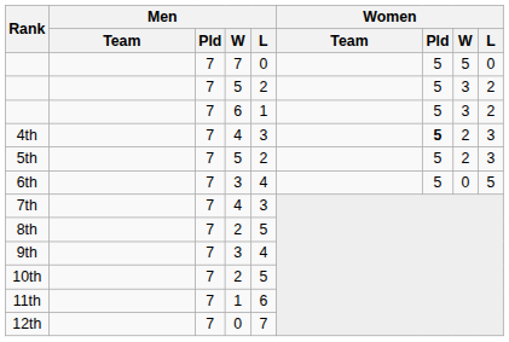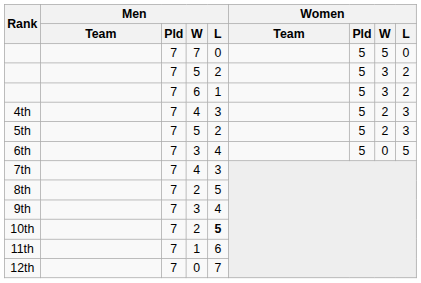 <table class=wikitable>
 <tr>
 <th rowspan=2>Rank</th>
 <th colspan=4>Men</th>
 <th colspan=4>Women</th>
 </tr>
 <tr>
 <th width=150px>Team</th>
 <th width=20px>Pld</th>
 <th width=20px>W</th>
 <th width=20px>L</th>
 <th width=150px>Team</th>
 <th width=20px>Pld</th>
 <th width=20px>W</th>
 <th width=20px>L</th>
 </tr>
 <tr align=center>
 <td></td>
 <td align=left></td>
 <td>7</td>
 <td>7</td>
 <td>0</td>
 <td align=left></td>
 <td>5</td>
 <td>5</td>
 <td>0</td>
 </tr>
 <tr align=center>
 <td></td>
 <td align=left></td>
 <td>7</td>
 <td>5</td>
 <td>2</td>
 <td align=left></td>
 <td>5</td>
 <td>3</td>
 <td>2</td>
 </tr>
 <tr align=center>
 <td></td>
 <td align=left></td>
 <td>7</td>
 <td>6</td>
 <td>1</td>
 <td align=left></td>
 <td>5</td>
 <td>3</td>
 <td>2</td>
 </tr>
 <tr align=center>
 <td>4th</td>
 <td align=left></td>
 <td>7</td>
 <td>4</td>
 <td>3</td>
 <td align=left></td>
-<td><strong>5</strong></td>
+<td>5</td>
 <td>2</td>
 <td>3</td>
 </tr>
 <tr align=center>
 <td>5th</td>
 <td align=left></td>
 <td>7</td>
 <td>5</td>
 <td>2</td>
 <td align=left></td>
 <td>5</td>
 <td>2</td>
 <td>3</td>
 </tr>
 <tr align=center>
 <td>6th</td>
 <td align=left></td>
 <td>7</td>
 <td>3</td>
 <td>4</td>
 <td align=left></td>
 <td>5</td>
 <td>0</td>
 <td>5</td>
 </tr>
 <tr align=center>
 <td>7th</td>
 <td align=left></td>
 <td>7</td>
 <td>4</td>
 <td>3</td>
 <td colspan=4 rowspan=6 bgcolor=#eee></td>
 </tr>
 <tr align=center>
 <td>8th</td>
 <td align=left></td>
 <td>7</td>
 <td>2</td>
 <td>5</td>
 </tr>
 <tr align=center>
 <td>9th</td>
 <td align=left></td>
 <td>7</td>
 <td>3</td>
 <td>4</td>
 </tr>
 <tr align=center>
 <td>10th</td>
 <td align=left></td>
 <td>7</td>
 <td>2</td>
-<td>5</td>
+<td><strong>5</strong></td>
 </tr>
 <tr align=center>
 <td>11th</td>
 <td align=left></td>
 <td>7</td>
 <td>1</td>
 <td>6</td>
 </tr>
 <tr align=center>
 <td>12th</td>
 <td align=left></td>
 <td>7</td>
 <td>0</td>
 <td>7</td>
 </tr>
 </table>
